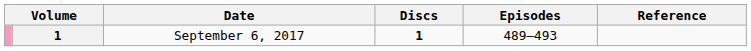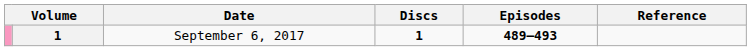 <table class="wikitable" style="text-align: center; width: 60%;">
 <tr>
 <th colspan="2">Volume</th>
 <th scope="col">Date</th>
 <th scope="col">Discs</th>
 <th scope="col">Episodes</th>
 <th scope="col">Reference</th>
 </tr>
 <tr>
 <td rowspan="2" width="1%" style="background: #FA98C0;"></td>
 <th scope="row">1</th>
 <td>September 6, 2017</td>
 <td><strong>1</strong></td>
-<td>489–493</td>
+<td><strong>489–493</strong></td>
 <td></td>
 </tr>
 </table>
